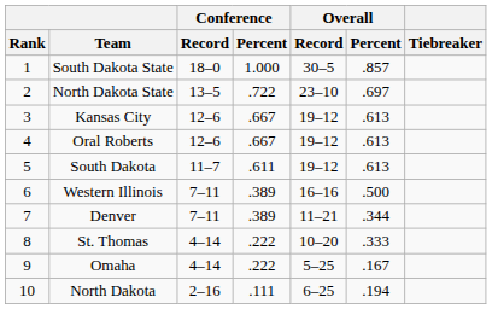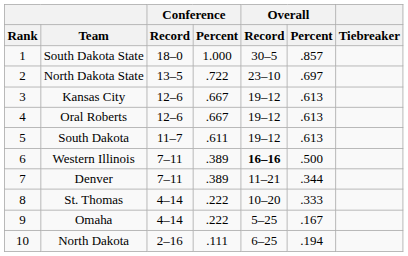 <table class="wikitable sortable" style="text-align:center">
 <tr>
 <th colspan="2"></th>
 <th colspan="2">Conference</th>
 <th colspan="2">Overall</th>
 <th></th>
 </tr>
 <tr>
 <th>Rank</th>
 <th>Team</th>
 <th>Record</th>
 <th>Percent</th>
 <th>Record</th>
 <th>Percent</th>
 <th>Tiebreaker</th>
 </tr>
 <tr>
 <td>1</td>
 <td>South Dakota State</td>
 <td>18–0</td>
 <td>1.000</td>
 <td>30–5</td>
 <td>.857</td>
 <td></td>
 </tr>
 <tr>
 <td>2</td>
 <td>North Dakota State</td>
 <td>13–5</td>
 <td>.722</td>
 <td>23–10</td>
 <td>.697</td>
 <td></td>
 </tr>
 <tr>
 <td>3</td>
 <td>Kansas City</td>
 <td>12–6</td>
 <td>.667</td>
 <td>19–12</td>
 <td>.613</td>
 <td></td>
 </tr>
 <tr>
 <td>4</td>
 <td>Oral Roberts</td>
 <td>12–6</td>
 <td>.667</td>
 <td>19–12</td>
 <td>.613</td>
 <td></td>
 </tr>
 <tr>
 <td>5</td>
 <td>South Dakota</td>
 <td>11–7</td>
 <td>.611</td>
 <td>19–12</td>
 <td>.613</td>
 <td></td>
 </tr>
 <tr>
 <td>6</td>
 <td>Western Illinois</td>
 <td>7–11</td>
 <td>.389</td>
-<td>16–16</td>
+<td><strong>16–16</strong></td>
 <td>.500</td>
 <td></td>
 </tr>
 <tr>
 <td>7</td>
 <td>Denver</td>
 <td>7–11</td>
 <td>.389</td>
 <td>11–21</td>
 <td>.344</td>
 <td></td>
 </tr>
 <tr>
 <td>8</td>
 <td>St. Thomas</td>
 <td>4–14</td>
 <td>.222</td>
 <td>10–20</td>
 <td>.333</td>
 <td></td>
 </tr>
 <tr>
 <td>9</td>
 <td>Omaha</td>
 <td>4–14</td>
 <td>.222</td>
 <td>5–25</td>
 <td>.167</td>
 <td></td>
 </tr>
 <tr>
 <td>10</td>
 <td>North Dakota</td>
 <td>2–16</td>
 <td>.111</td>
 <td>6–25</td>
 <td>.194</td>
 <td></td>
 </tr>
 </table>
